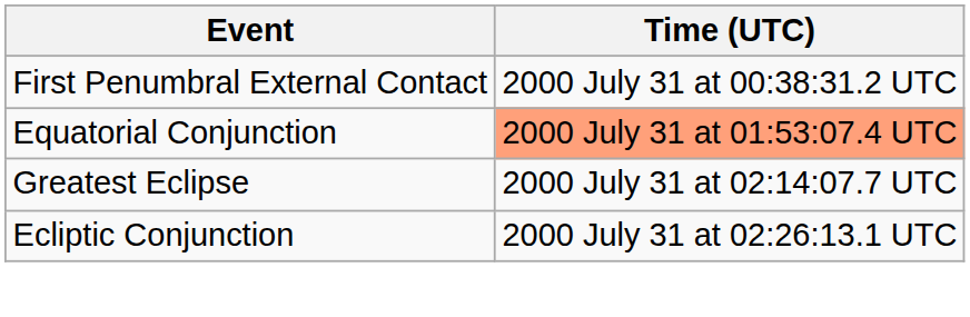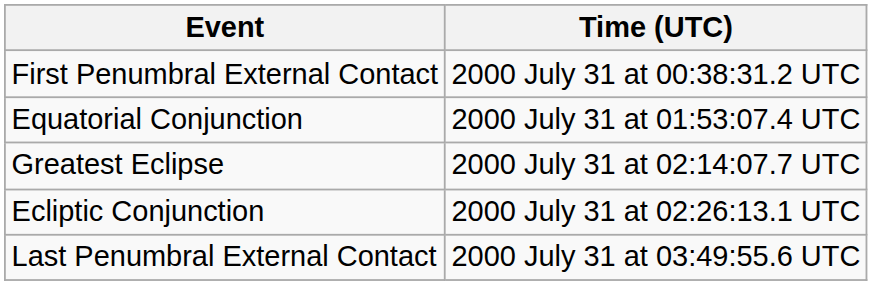 <table class="wikitable">
 <tr>
 <th>Event</th>
 <th>Time (UTC)</th>
 </tr>
 <tr>
 <td>First Penumbral External Contact</td>
 <td>2000 July 31 at 00:38:31.2 UTC</td>
 </tr>
 <tr>
 <td>Equatorial Conjunction</td>
-<td style="background: lightsalmon;">2000 July 31 at 01:53:07.4 UTC</td>
+<td>2000 July 31 at 01:53:07.4 UTC</td>
 </tr>
 <tr>
 <td>Greatest Eclipse</td>
 <td>2000 July 31 at 02:14:07.7 UTC</td>
 </tr>
 <tr>
 <td>Ecliptic Conjunction</td>
 <td>2000 July 31 at 02:26:13.1 UTC</td>
 </tr>
+<tr>
+<td>Last Penumbral External Contact</td>
+<td>2000 July 31 at 03:49:55.6 UTC</td>
+</tr>
 </table>
